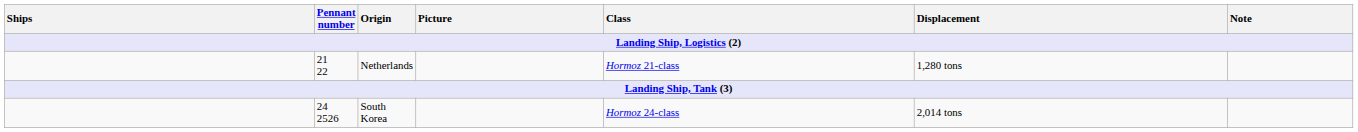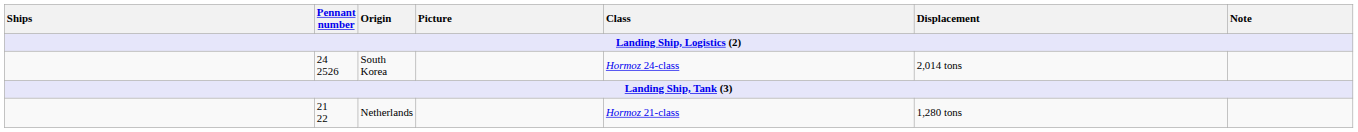 <table class="wikitable" style="margin:auto; width:100%;">
 <tr>
 <th style="text-align:left; width:25%;">Ships</th>
 <th><a href='#'>Pennant number</a></th>
 <th style="text-align:left">Origin</th>
 <th style="text-align:left; width:15%;">Picture</th>
 <th style="text-align:left; width:25%;">Class</th>
 <th style="text-align:left; width:25%;">Displacement</th>
 <th style="text-align:left; width:25%;">Note</th>
 </tr>
 <tr>
 <th colspan="7" style="background: lavender;"><a href='#'>Landing Ship, Logistics</a> (2)</th>
 </tr>
 <tr>
 <td><br></td>
+<td>24<br>2526</td>
+<td>South Korea</td>
+<td></td>
+<td><a href='#'><em>Hormoz</em> 24-class</a></td>
+<td>2,014 tons</td>
+<td></td>
+</tr>
+<tr>
+<th colspan="7" style="background: lavender;"><a href='#'>Landing Ship, Tank</a> (3)</th>
+</tr>
+<tr>
+<td><br></td>
 <td>21<br>22</td>
 <td>Netherlands</td>
 <td></td>
 <td><a href='#'><em>Hormoz</em> 21-class</a></td>
 <td>1,280 tons</td>
 <td></td>
 </tr>
-<tr>
-<th colspan="7" style="background: lavender;"><a href='#'>Landing Ship, Tank</a> (3)</th>
-</tr>
-<tr>
-<td><br></td>
-<td>24<br>2526</td>
-<td>South Korea</td>
-<td></td>
-<td><a href='#'><em>Hormoz</em> 24-class</a></td>
-<td>2,014 tons</td>
-<td></td>
-</tr>
 </table>
